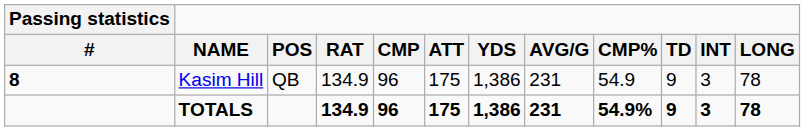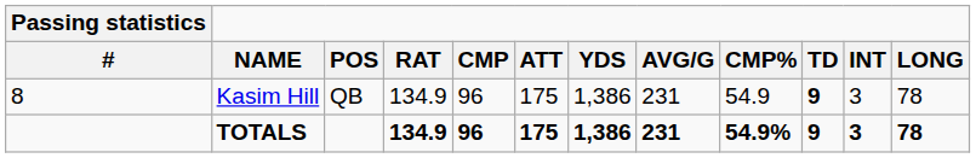 <table class="wikitable">
 <tr>
 <th style="text-align:center; ">Passing statistics</th>
 </tr>
 <tr>
 <th>#</th>
 <th>NAME</th>
 <th>POS</th>
 <th>RAT</th>
 <th>CMP</th>
 <th>ATT</th>
 <th>YDS</th>
 <th>AVG/G</th>
 <th>CMP%</th>
 <th>TD</th>
 <th>INT</th>
 <th>LONG</th>
 </tr>
 <tr>
-<td><strong>8</strong></td>
+<td>8</td>
 <td><a href='#'>Kasim Hill</a></td>
 <td>QB</td>
 <td>134.9</td>
 <td>96</td>
 <td>175</td>
 <td>1,386</td>
 <td>231</td>
 <td>54.9</td>
-<td>9</td>
+<td><strong>9</strong></td>
 <td>3</td>
 <td>78</td>
 </tr>
 <tr>
 <td></td>
 <td><strong>TOTALS</strong></td>
 <td></td>
 <td><strong>134.9</strong></td>
 <td><strong>96</strong></td>
 <td><strong>175</strong></td>
 <td><strong>1,386</strong></td>
 <td><strong>231</strong></td>
 <td><strong>54.9%</strong></td>
 <td><strong>9</strong></td>
 <td><strong>3</strong></td>
 <td><strong>78</strong></td>
 </tr>
 </table>
